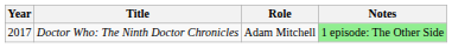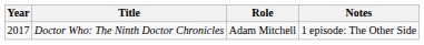 <table class="wikitable sortable">
 <tr>
 <th>Year</th>
 <th>Title</th>
 <th>Role</th>
 <th>Notes</th>
 </tr>
 <tr>
 <td rowspan=3>2017</td>
 <td><em>Doctor Who: The Ninth Doctor Chronicles</em></td>
 <td>Adam Mitchell</td>
-<td style="background: lightgreen;">1 episode: The Other Side</td>
+<td>1 episode: The Other Side</td>
 </tr>
 </table>
